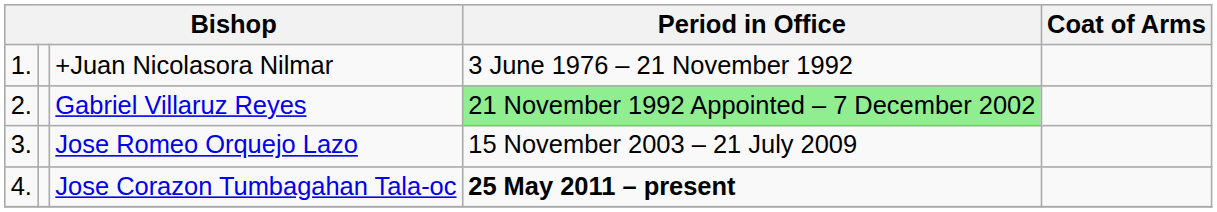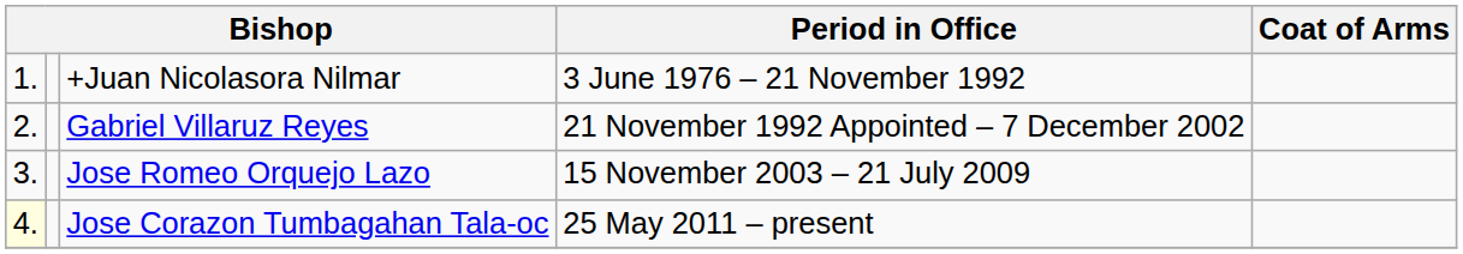 <table class="wikitable">
 <tr>
 <th colspan=3>Bishop</th>
 <th>Period in Office</th>
 <th>Coat of Arms</th>
 </tr>
 <tr>
 <td>1.</td>
 <td></td>
 <td>+Juan Nicolasora Nilmar</td>
 <td>3 June 1976 – 21 November 1992</td>
 <td></td>
 </tr>
 <tr>
 <td>2.</td>
 <td></td>
 <td><a href='#'>Gabriel Villaruz Reyes</a></td>
-<td style="background: lightgreen;">21 November 1992 Appointed – 7 December 2002</td>
+<td>21 November 1992 Appointed – 7 December 2002</td>
 <td></td>
 </tr>
 <tr>
 <td>3.</td>
 <td></td>
 <td><a href='#'>Jose Romeo Orquejo Lazo</a></td>
 <td>15 November 2003 – 21 July 2009</td>
 <td></td>
 </tr>
 <tr>
-<td>4.</td>
+<td style="background: lightyellow;">4.</td>
 <td></td>
 <td><a href='#'>Jose Corazon Tumbagahan Tala-oc</a></td>
-<td><strong>25 May 2011 – present</strong></td>
+<td>25 May 2011 – present</td>
 <td></td>
 </tr>
 <tr>
 </tr>
 </table>
